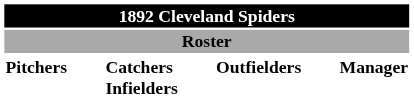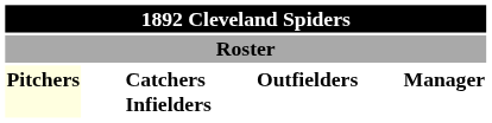 <table class="toccolours" style="font-size: 95%;">
 <tr>
 <th colspan="10" style="background-color: #000000; color: #ffffff; text-align: center;">1892 Cleveland Spiders</th>
 </tr>
 <tr>
 <td colspan="10" style="background-color: #a9a9a9; color: #000000; text-align: center;"><strong>Roster</strong></td>
 </tr>
 <tr>
-<td valign="top"><strong>Pitchers</strong><br>      </td>
+<td valign="top" style="background: lightyellow;"><strong>Pitchers</strong><br>      </td>
 <td width="25px"></td>
 <td valign="top"><strong>Catchers</strong><br> <strong>Infielders</strong>     </td>
 <td width="25px"></td>
 <td valign="top"><strong>Outfielders</strong><br>   </td>
 <td width="25px"></td>
 <td valign="top"><strong>Manager</strong><br></td>
 </tr>
 </table>
